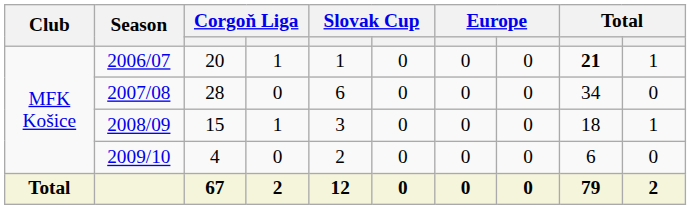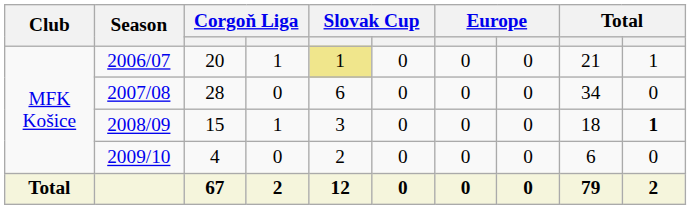 <table class="wikitable" align=center style="font-size:90%; text-align: center;">
 <tr>
 <th width=60 rowspan="2">Club</th>
 <th width=60 rowspan="2">Season</th>
 <th width=80 colspan="2"><a href='#'>Corgoň Liga</a></th>
 <th width=80 colspan="2"><a href='#'>Slovak Cup</a></th>
 <th width=80 colspan="2"><a href='#'>Europe</a></th>
 <th width=80 colspan="2">Total<em></th>
 </tr>
 <tr align=center>
 <th width=40 App></th>
 <th width=40 abbr="Goals for"></th>
 <th width=40 App></th>
 <th width=40 abbr="Goals for"></th>
 <th width=40 App></th>
 <th width=40 abbr="Goals for"></th>
 <th width=40 App></th>
 <th width=40 abbr="Goals for"></th>
 </tr>
 <tr align=center>
 <td rowspan="4" valign=center><a href='#'>MFK Košice</a></td>
 <td><a href='#'>2006/07</a></td>
 <td>20</td>
 <td>1</td>
-<td>1</td>
+<td style="background: khaki;">1</td>
 <td>0</td>
 <td>0</td>
 <td>0</td>
-<td><strong>21</strong></td>
+<td>21</td>
 <td>1</td>
 </tr>
 <tr align=center>
 <td><a href='#'>2007/08</a></td>
 <td>28</td>
 <td>0</td>
 <td>6</td>
 <td>0</td>
 <td>0</td>
 <td>0</td>
 <td>34</td>
 <td>0</td>
 </tr>
 <tr align=center>
 <td><a href='#'>2008/09</a></td>
 <td>15</td>
 <td>1</td>
 <td>3</td>
 <td>0</td>
 <td>0</td>
 <td>0</td>
 <td>18</td>
-<td>1</td>
+<td><strong>1</strong></td>
 </tr>
 <tr align=center>
 <td><a href='#'>2009/10</a></td>
 <td>4</td>
 <td>0</td>
 <td>2</td>
 <td>0</td>
 <td>0</td>
 <td>0</td>
 <td>6</td>
 <td>0</td>
 </tr>
 <tr align=center>
 <th align=left style="background:beige">Total</th>
 <th align=left style="background:beige"></th>
 <th align=left style="background:beige">67</th>
 <th align=left style="background:beige">2</th>
 <th align=left style="background:beige">12</th>
 <th align=left style="background:beige">0</th>
 <th align=left style="background:beige">0</th>
 <th align=left style="background:beige">0</th>
 <th align=left style="background:beige">79</th>
 <th align=left style="background:beige">2</th>
 </tr>
 </table>
